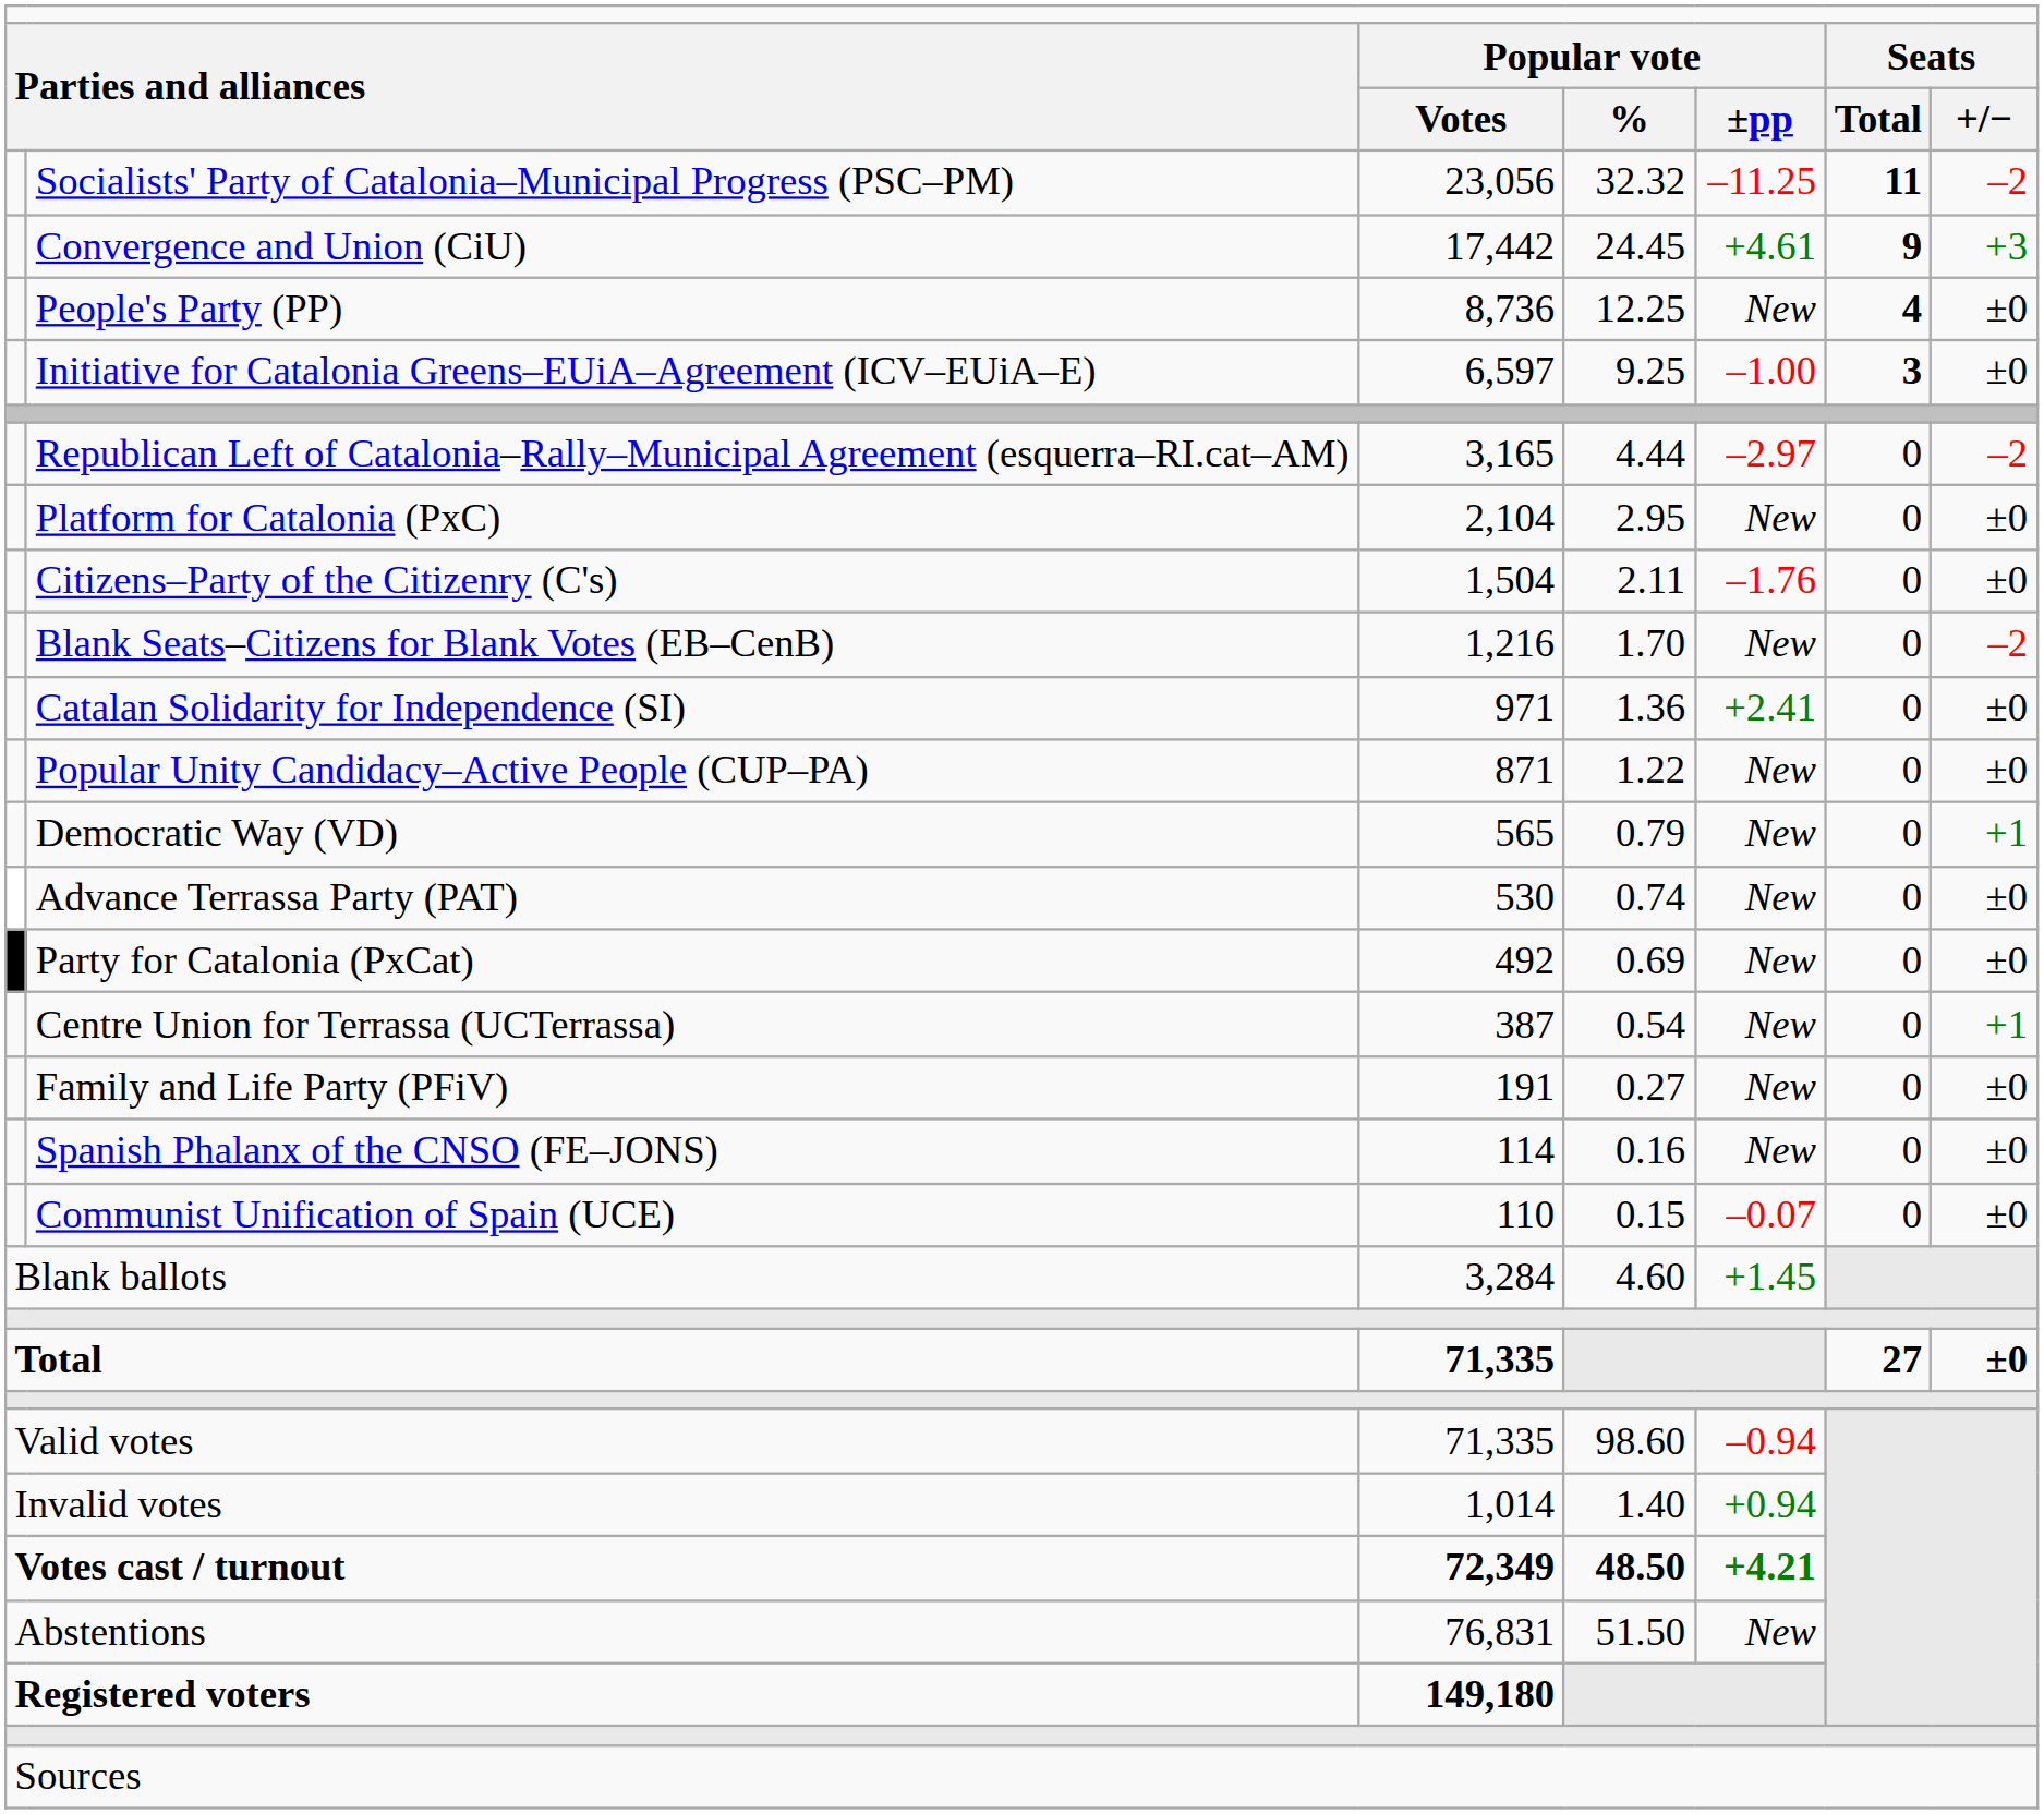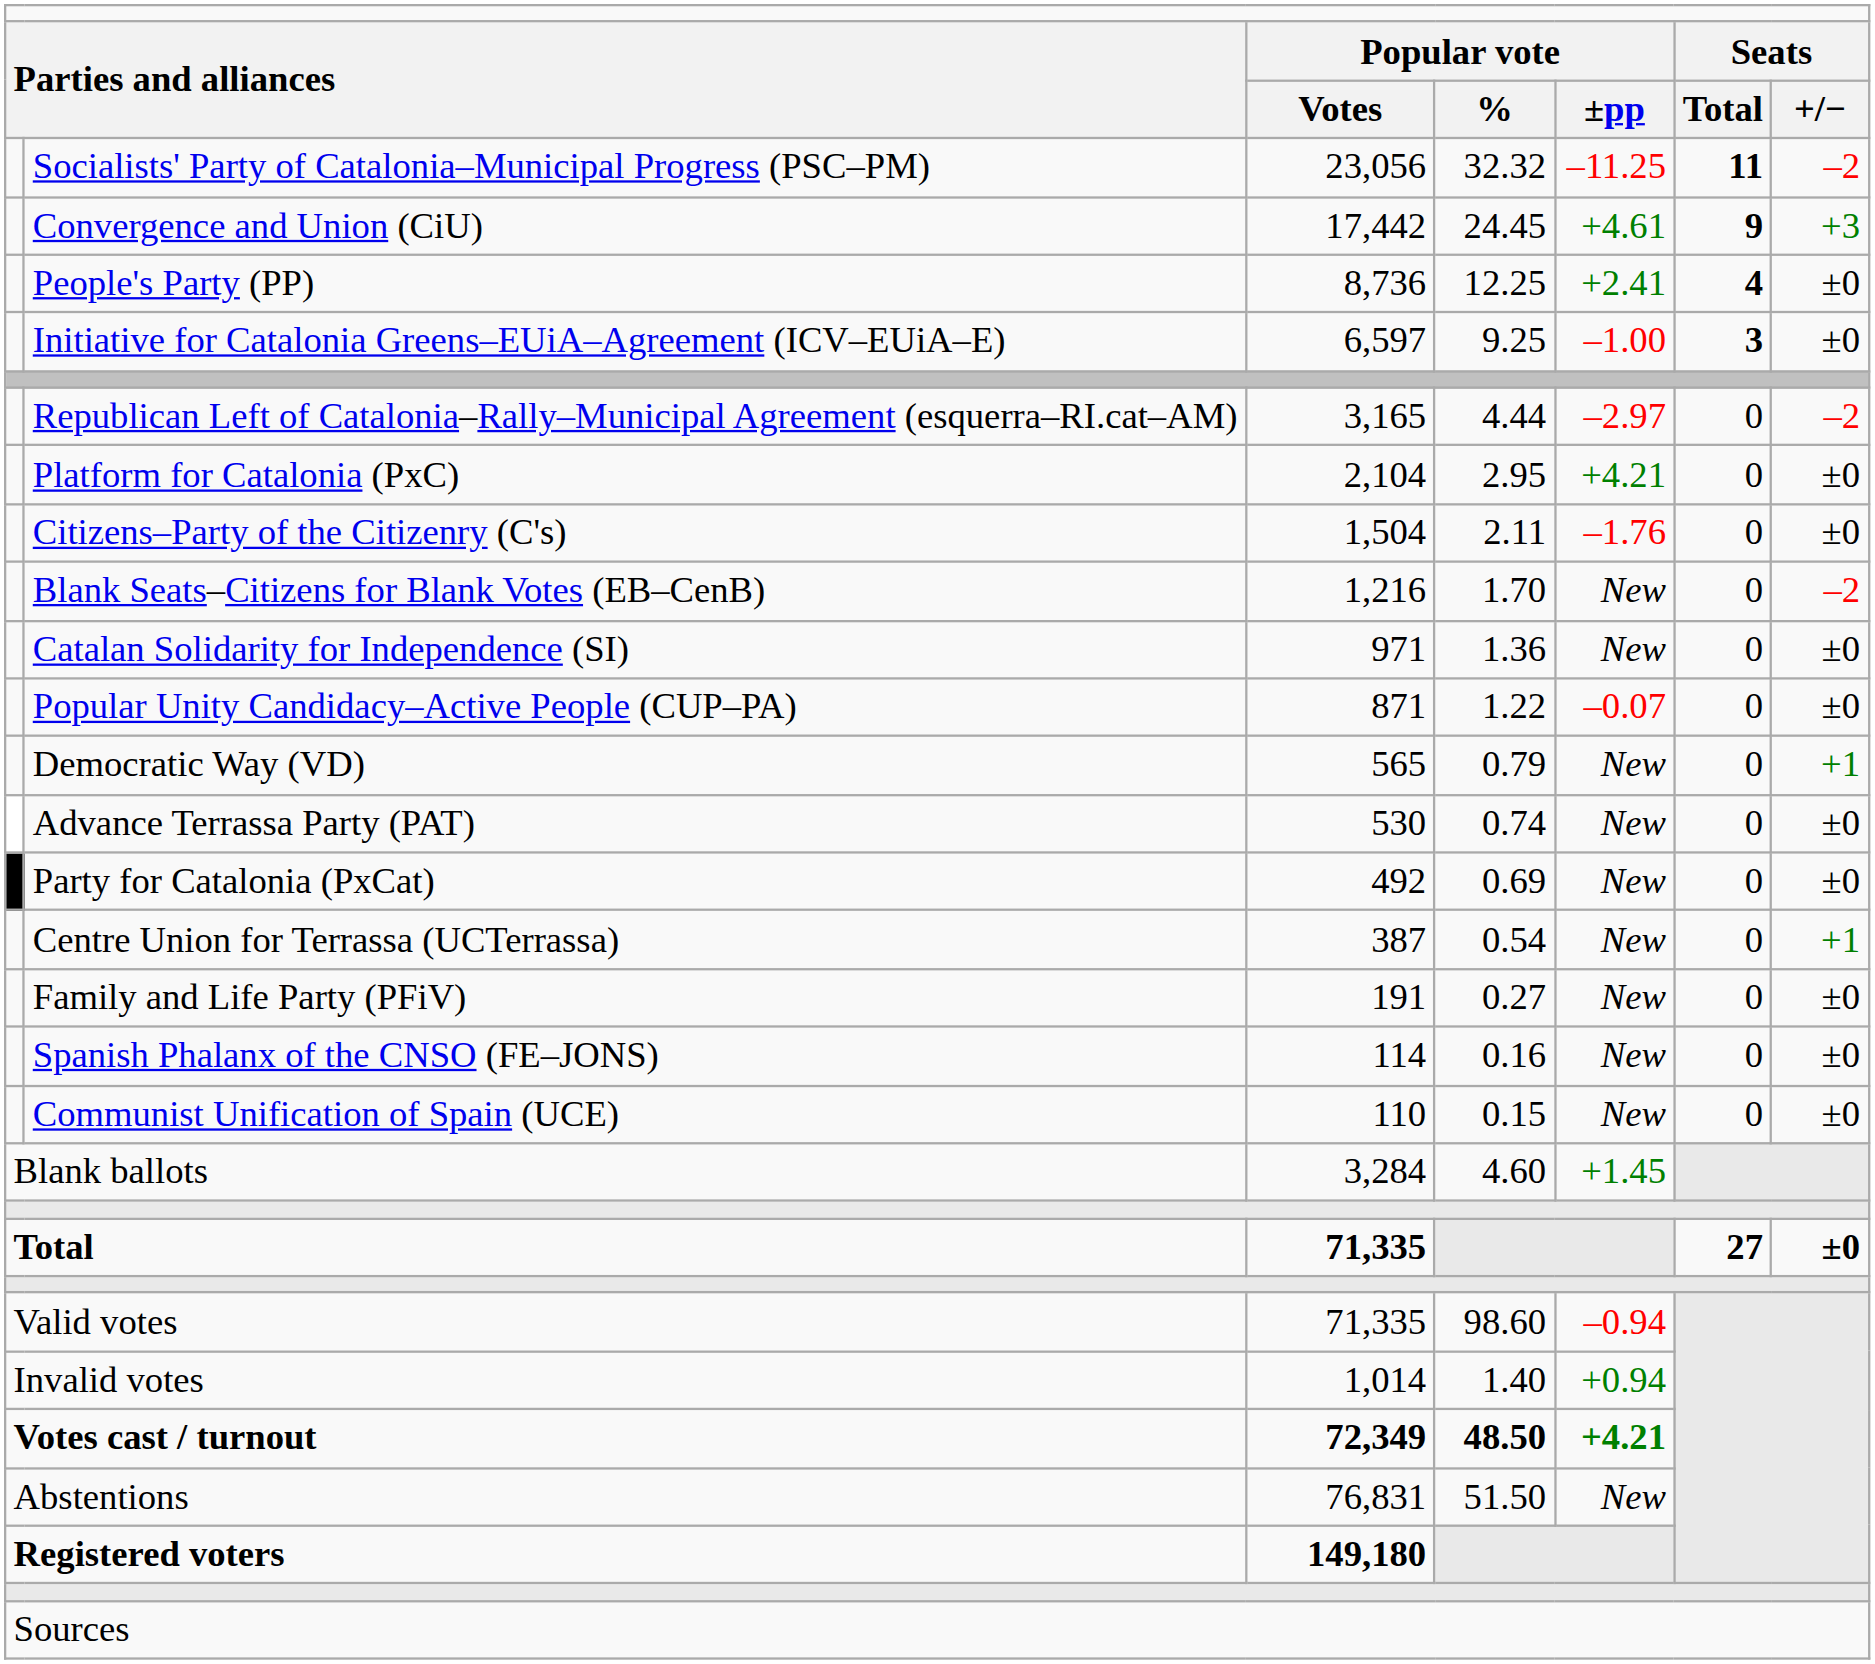 <table class="wikitable" style="text-align:right;">
 <tr>
 <td colspan="7"></td>
 </tr>
 <tr>
 <th style="text-align:left;" rowspan="2" colspan="2" width="525">Parties and alliances</th>
 <th colspan="3">Popular vote</th>
 <th colspan="2">Seats</th>
 </tr>
 <tr>
 <th width="75">Votes</th>
 <th width="45">%</th>
 <th width="45">±<a href='#'>pp</a></th>
 <th width="35">Total</th>
 <th width="35">+/−</th>
 </tr>
 <tr>
 <td width="1" style="color:inherit;background:"></td>
 <td align="left"><a href='#'>Socialists' Party of Catalonia–Municipal Progress</a> (PSC–PM)</td>
 <td>23,056</td>
 <td>32.32</td>
 <td style="color:red;">–11.25</td>
 <td><strong>11</strong></td>
 <td style="color:red;">–2</td>
 </tr>
 <tr>
 <td style="color:inherit;background:"></td>
 <td align="left"><a href='#'>Convergence and Union</a> (CiU)</td>
 <td>17,442</td>
 <td>24.45</td>
 <td style="color:green;">+4.61</td>
 <td><strong>9</strong></td>
 <td style="color:green;">+3</td>
 </tr>
 <tr>
 <td style="color:inherit;background:"></td>
 <td align="left"><a href='#'>People's Party</a> (PP)</td>
 <td>8,736</td>
 <td>12.25</td>
-<td><em>New</em></td>
+<td style="color:green;">+2.41</td>
 <td><strong>4</strong></td>
 <td>±0</td>
 </tr>
 <tr>
 <td style="color:inherit;background:"></td>
 <td align="left"><a href='#'>Initiative for Catalonia Greens–EUiA–Agreement</a> (ICV–EUiA–E)</td>
 <td>6,597</td>
 <td>9.25</td>
 <td style="color:red;">–1.00</td>
 <td><strong>3</strong></td>
 <td>±0</td>
 </tr>
 <tr>
 <td colspan="7" style="color:inherit;background:#C0C0C0"></td>
 </tr>
 <tr>
 <td style="color:inherit;background:"></td>
 <td align="left"><a href='#'>Republican Left of Catalonia</a>–<a href='#'>Rally–Municipal Agreement</a> (esquerra–RI.cat–AM)</td>
 <td>3,165</td>
 <td>4.44</td>
 <td style="color:red;">–2.97</td>
 <td>0</td>
 <td style="color:red;">–2</td>
 </tr>
 <tr>
 <td style="color:inherit;background:"></td>
 <td align="left"><a href='#'>Platform for Catalonia</a> (PxC)</td>
 <td>2,104</td>
 <td>2.95</td>
-<td><em>New</em></td>
+<td style="color:green;">+4.21</td>
 <td>0</td>
 <td>±0</td>
 </tr>
 <tr>
 <td style="color:inherit;background:"></td>
 <td align="left"><a href='#'>Citizens–Party of the Citizenry</a> (C's)</td>
 <td>1,504</td>
 <td>2.11</td>
 <td style="color:red;">–1.76</td>
 <td>0</td>
 <td>±0</td>
 </tr>
 <tr>
 <td style="color:inherit;background:"></td>
 <td align="left"><a href='#'>Blank Seats</a>–<a href='#'>Citizens for Blank Votes</a> (EB–CenB)</td>
 <td>1,216</td>
 <td>1.70</td>
 <td><em>New</em></td>
 <td>0</td>
 <td style="color:red;">–2</td>
 </tr>
 <tr>
 <td style="color:inherit;background:"></td>
 <td align="left"><a href='#'>Catalan Solidarity for Independence</a> (SI)</td>
 <td>971</td>
 <td>1.36</td>
-<td style="color:green;">+2.41</td>
+<td><em>New</em></td>
 <td>0</td>
 <td>±0</td>
 </tr>
 <tr>
 <td style="color:inherit;background:"></td>
 <td align="left"><a href='#'>Popular Unity Candidacy–Active People</a> (CUP–PA)</td>
 <td>871</td>
 <td>1.22</td>
-<td><em>New</em></td>
+<td style="color:red;">–0.07</td>
 <td>0</td>
 <td>±0</td>
 </tr>
 <tr>
 <td style="color:inherit;background:"></td>
 <td align="left">Democratic Way (VD)</td>
 <td>565</td>
 <td>0.79</td>
 <td><em>New</em></td>
 <td>0</td>
 <td style="color:green;">+1</td>
 </tr>
 <tr>
 <td bgcolor="white"></td>
 <td align="left">Advance Terrassa Party (PAT)</td>
 <td>530</td>
 <td>0.74</td>
 <td><em>New</em></td>
 <td>0</td>
 <td>±0</td>
 </tr>
 <tr>
 <td bgcolor="black"></td>
 <td align="left">Party for Catalonia (PxCat)</td>
 <td>492</td>
 <td>0.69</td>
 <td><em>New</em></td>
 <td>0</td>
 <td>±0</td>
 </tr>
 <tr>
 <td style="color:inherit;background:"></td>
 <td align="left">Centre Union for Terrassa (UCTerrassa)</td>
 <td>387</td>
 <td>0.54</td>
 <td><em>New</em></td>
 <td>0</td>
 <td style="color:green;">+1</td>
 </tr>
 <tr>
 <td style="color:inherit;background:"></td>
 <td align="left">Family and Life Party (PFiV)</td>
 <td>191</td>
 <td>0.27</td>
 <td><em>New</em></td>
 <td>0</td>
 <td>±0</td>
 </tr>
 <tr>
 <td style="color:inherit;background:"></td>
 <td align="left"><a href='#'>Spanish Phalanx of the CNSO</a> (FE–JONS)</td>
 <td>114</td>
 <td>0.16</td>
 <td><em>New</em></td>
 <td>0</td>
 <td>±0</td>
 </tr>
 <tr>
 <td style="color:inherit;background:"></td>
 <td align="left"><a href='#'>Communist Unification of Spain</a> (UCE)</td>
 <td>110</td>
 <td>0.15</td>
-<td style="color:red;">–0.07</td>
+<td><em>New</em></td>
 <td>0</td>
 <td>±0</td>
 </tr>
 <tr>
 <td align="left" colspan="2">Blank ballots</td>
 <td>3,284</td>
 <td>4.60</td>
 <td style="color:green;">+1.45</td>
 <td style="color:inherit;background:#E9E9E9" colspan="2"></td>
 </tr>
 <tr>
 <td colspan="7" style="color:inherit;background:#E9E9E9"></td>
 </tr>
 <tr style="font-weight:bold;">
 <td align="left" colspan="2">Total</td>
 <td>71,335</td>
 <td bgcolor="#E9E9E9" colspan="2"></td>
 <td>27</td>
 <td>±0</td>
 </tr>
 <tr>
 <td colspan="7" style="color:inherit;background:#E9E9E9"></td>
 </tr>
 <tr>
 <td align="left" colspan="2">Valid votes</td>
 <td>71,335</td>
 <td>98.60</td>
 <td style="color:red;">–0.94</td>
 <td bgcolor="#E9E9E9" colspan="2" rowspan="5"></td>
 </tr>
 <tr>
 <td align="left" colspan="2">Invalid votes</td>
 <td>1,014</td>
 <td>1.40</td>
 <td style="color:green;">+0.94</td>
 </tr>
 <tr style="font-weight:bold;">
 <td align="left" colspan="2">Votes cast / turnout</td>
 <td>72,349</td>
 <td>48.50</td>
 <td style="color:green;">+4.21</td>
 </tr>
 <tr>
 <td align="left" colspan="2">Abstentions</td>
 <td>76,831</td>
 <td>51.50</td>
 <td><em>New</em></td>
 </tr>
 <tr style="font-weight:bold;">
 <td align="left" colspan="2">Registered voters</td>
 <td>149,180</td>
 <td bgcolor="#E9E9E9" colspan="2"></td>
 </tr>
 <tr>
 <td colspan="7" style="color:inherit;background:#E9E9E9"></td>
 </tr>
 <tr>
 <td align="left" colspan="7">Sources</td>
 </tr>
 </table>
